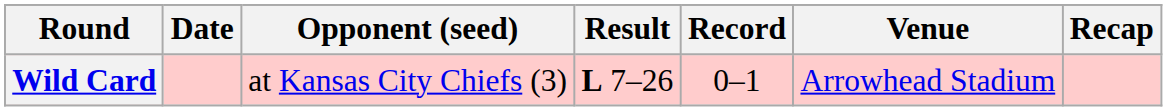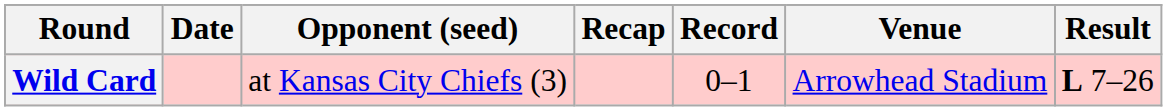 <table class="wikitable" style="text-align:center">
 <tr>
 <th>Round</th>
 <th>Date</th>
 <th>Opponent (seed)</th>
-<th>Result</th>
+<th>Recap</th>
 <th>Record</th>
 <th>Venue</th>
-<th>Recap</th>
+<th>Result</th>
 </tr>
 <tr style="background:#fcc">
 <th><a href='#'>Wild Card</a></th>
 <td></td>
 <td>at <a href='#'>Kansas City Chiefs</a> (3)</td>
-<td><strong>L</strong> 7–26</td>
+<td></td>
 <td>0–1</td>
 <td><a href='#'>Arrowhead Stadium</a></td>
-<td></td>
+<td><strong>L</strong> 7–26</td>
 </tr>
 </table>
